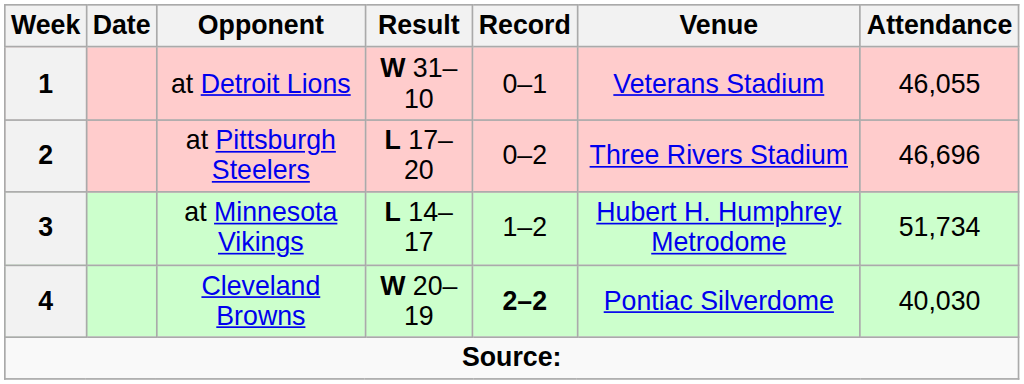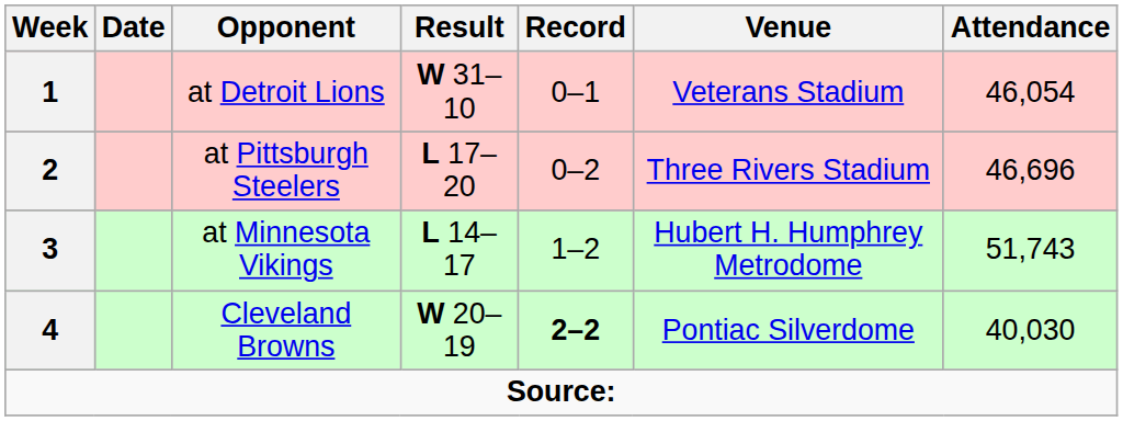 <table class="wikitable" style="text-align:center">
 <tr>
 <th>Week</th>
 <th>Date</th>
 <th>Opponent</th>
 <th>Result</th>
 <th>Record</th>
 <th>Venue</th>
 <th>Attendance</th>
 </tr>
 <tr style="background:#fcc">
 <th>1</th>
 <td></td>
 <td>at <a href='#'>Detroit Lions</a></td>
 <td><strong>W</strong> 31–10</td>
 <td>0–1</td>
 <td><a href='#'>Veterans Stadium</a></td>
-<td>46,055</td>
+<td>46,054</td>
 </tr>
 <tr style="background:#fcc">
 <th>2</th>
 <td></td>
 <td>at <a href='#'>Pittsburgh Steelers</a></td>
 <td><strong>L</strong> 17–20 </td>
 <td>0–2</td>
 <td><a href='#'>Three Rivers Stadium</a></td>
 <td>46,696</td>
 </tr>
 <tr style="background:#cfc">
 <th>3</th>
 <td></td>
 <td>at <a href='#'>Minnesota Vikings</a></td>
 <td><strong>L</strong> 14–17</td>
 <td>1–2</td>
 <td><a href='#'>Hubert H. Humphrey Metrodome</a></td>
-<td>51,734</td>
+<td>51,743</td>
 </tr>
 <tr style="background:#cfc">
 <th>4</th>
 <td></td>
 <td><a href='#'>Cleveland Browns</a></td>
 <td><strong>W</strong> 20–19</td>
 <td><strong>2–2</strong></td>
 <td><a href='#'>Pontiac Silverdome</a></td>
 <td>40,030</td>
 </tr>
 <tr>
 <td colspan="7" style="text-align: center;"><strong>Source:</strong></td>
 </tr>
 </table>
